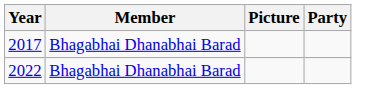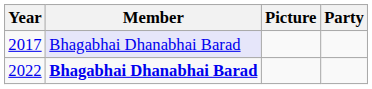 <table class="wikitable sortable">
 <tr>
 <th>Year</th>
 <th>Member</th>
 <th>Picture</th>
 <th colspan="2">Party</th>
 </tr>
 <tr>
 <td><a href='#'>2017</a></td>
-<td><a href='#'>Bhagabhai Dhanabhai Barad</a></td>
+<td style="background: lavender;"><a href='#'>Bhagabhai Dhanabhai Barad</a></td>
 <td></td>
 <td></td>
 </tr>
 <tr>
 <td><a href='#'>2022</a></td>
-<td><a href='#'>Bhagabhai Dhanabhai Barad</a></td>
+<td><strong><a href='#'>Bhagabhai Dhanabhai Barad</a></strong></td>
 <td></td>
 <td></td>
 </tr>
 </table>
